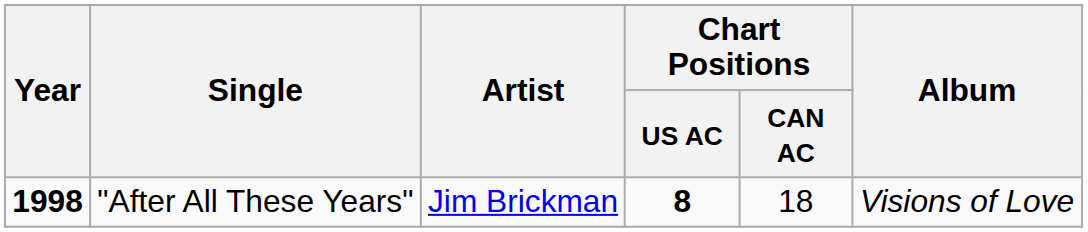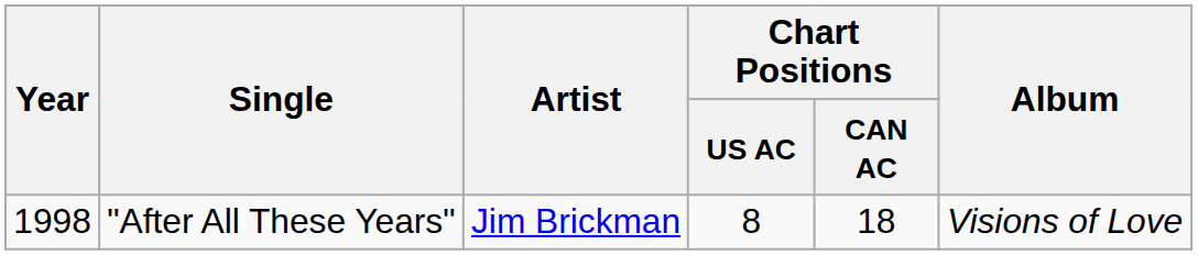 <table class="wikitable">
 <tr>
 <th rowspan="2">Year</th>
 <th rowspan="2">Single</th>
 <th rowspan="2">Artist</th>
 <th colspan="2">Chart Positions</th>
 <th rowspan="2">Album</th>
 </tr>
 <tr>
 <th width="50"><small>US AC</small></th>
 <th width="50"><small>CAN AC</small></th>
 </tr>
 <tr>
-<td><strong>1998</strong></td>
+<td>1998</td>
 <td>"After All These Years"</td>
 <td><a href='#'>Jim Brickman</a></td>
-<td align="center"><strong>8</strong></td>
+<td align="center">8</td>
 <td align="center">18</td>
 <td><em>Visions of Love</em></td>
 </tr>
 </table>
